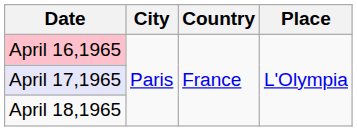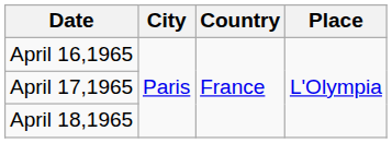 <table class="wikitable">
 <tr>
 <th>Date</th>
 <th>City</th>
 <th>Country</th>
 <th>Place</th>
 </tr>
 <tr>
-<td style="background: pink;">April 16,1965</td>
+<td>April 16,1965</td>
 <td rowspan="3"><a href='#'>Paris</a></td>
 <td rowspan="3"><a href='#'>France</a></td>
 <td rowspan="3"><a href='#'>L'Olympia </a></td>
 </tr>
 <tr>
-<td style="background: lavender;">April 17,1965</td>
+<td>April 17,1965</td>
 </tr>
 <tr>
 <td>April 18,1965</td>
 </tr>
 </table>
